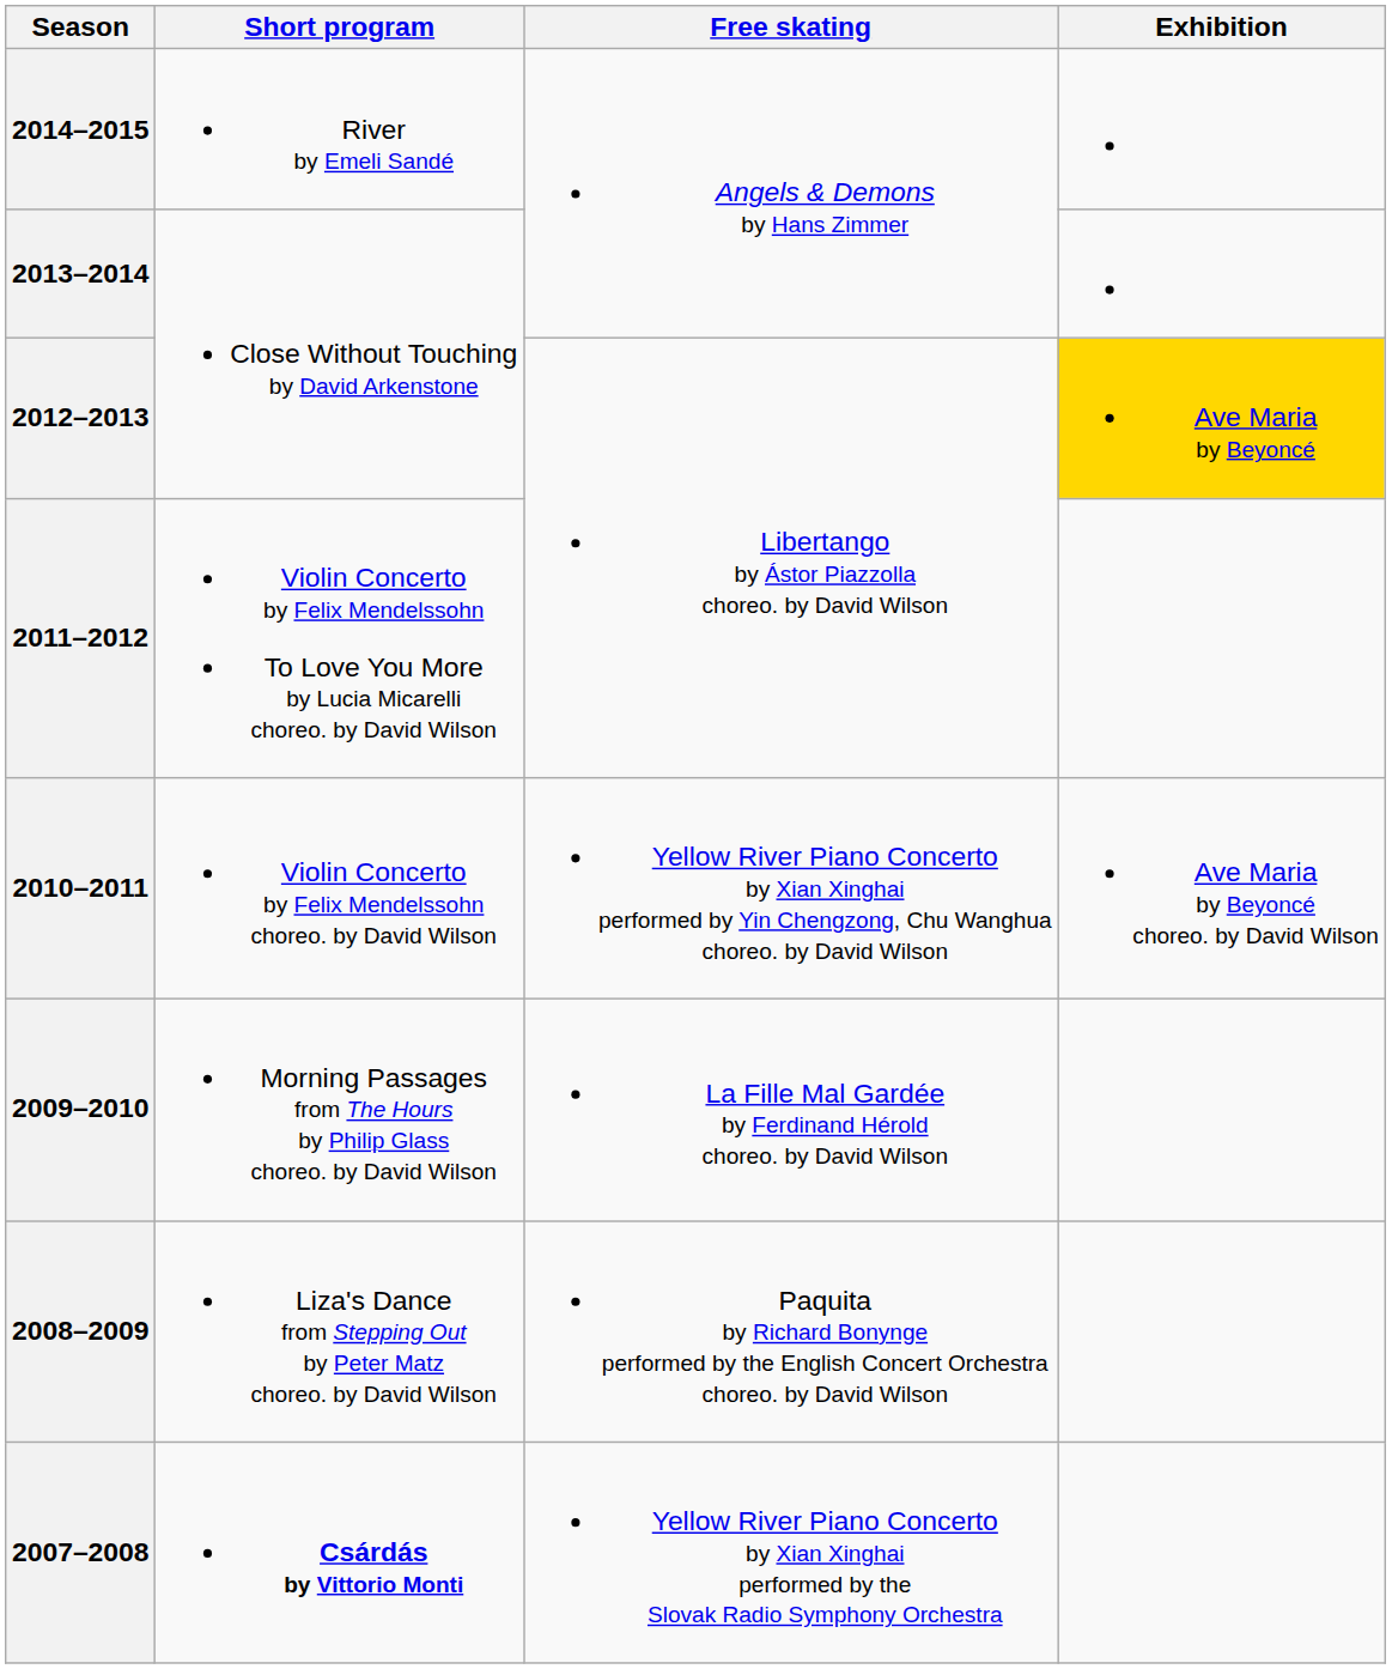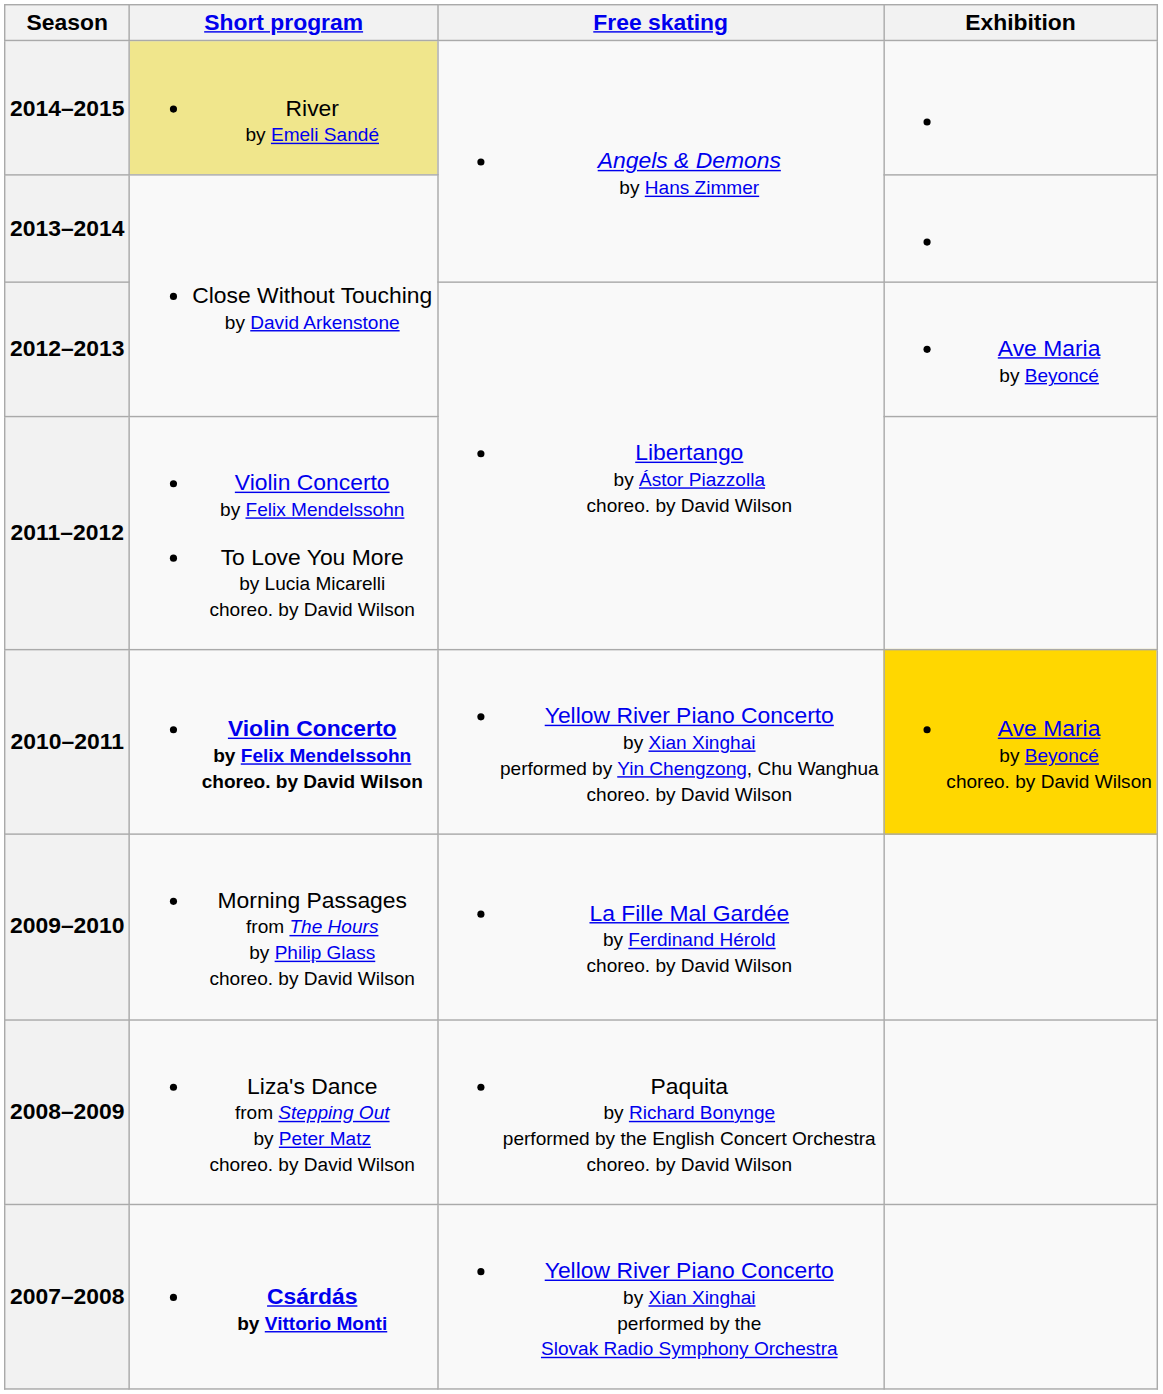 <table class="wikitable" style="text-align:center">
 <tr>
 <th>Season</th>
 <th><a href='#'>Short program</a></th>
 <th><a href='#'>Free skating</a></th>
 <th>Exhibition</th>
 </tr>
 <tr>
 <th>2014–2015 <br> </th>
-<td><br><ul><li>River <br><small> by <a href='#'>Emeli Sandé</a> </small></li></ul></td>
+<td style="background: khaki;"><br><ul><li>River <br><small> by <a href='#'>Emeli Sandé</a> </small></li></ul></td>
 <td rowspan=2><br><ul><li><em><a href='#'>Angels & Demons</a></em> <br><small> by <a href='#'>Hans Zimmer</a> </small></li></ul></td>
 <td><br><ul><li></li></ul></td>
 </tr>
 <tr>
 <th>2013–2014 <br> </th>
 <td rowspan=2><br><ul><li>Close Without Touching <br><small> by <a href='#'>David Arkenstone</a> </small></li></ul></td>
 <td><br><ul><li></li></ul></td>
 </tr>
 <tr>
 <th>2012–2013 <br> </th>
 <td rowspan=2><br><ul><li><a href='#'>Libertango</a> <br><small> by <a href='#'>Ástor Piazzolla</a> <br> choreo. by David Wilson </small></li></ul></td>
-<td style="background: gold;"><br><ul><li><a href='#'>Ave Maria</a> <br><small> by <a href='#'>Beyoncé</a> </small></li></ul></td>
+<td><br><ul><li><a href='#'>Ave Maria</a> <br><small> by <a href='#'>Beyoncé</a> </small></li></ul></td>
 </tr>
 <tr>
 <th>2011–2012 <br> </th>
 <td><br><ul><li><a href='#'>Violin Concerto</a> <br><small> by <a href='#'>Felix Mendelssohn</a> </small></li></ul><ul><li>To Love You More <br><small> by Lucia Micarelli <br> choreo. by David Wilson </small></li></ul></td>
 <td></td>
 </tr>
 <tr>
 <th>2010–2011 <br> </th>
-<td><br><ul><li><a href='#'>Violin Concerto</a> <br><small>by <a href='#'>Felix Mendelssohn</a> <br> choreo. by David Wilson </small></li></ul></td>
+<td><strong><br><ul><li><a href='#'>Violin Concerto</a> <br><small>by <a href='#'>Felix Mendelssohn</a> <br> choreo. by David Wilson </small></li></ul></strong></td>
 <td><br><ul><li><a href='#'>Yellow River Piano Concerto</a> <br><small> by <a href='#'>Xian Xinghai</a> <br> performed by <a href='#'>Yin Chengzong</a>, Chu Wanghua <br> choreo. by David Wilson </small></li></ul></td>
-<td><br><ul><li><a href='#'>Ave Maria</a> <br><small> by <a href='#'>Beyoncé</a> <br> choreo. by David Wilson </small></li></ul></td>
+<td style="background: gold;"><br><ul><li><a href='#'>Ave Maria</a> <br><small> by <a href='#'>Beyoncé</a> <br> choreo. by David Wilson </small></li></ul></td>
 </tr>
 <tr>
 <th>2009–2010 <br> </th>
 <td><br><ul><li>Morning Passages <br><small> from <em><a href='#'>The Hours</a></em> <br> by <a href='#'>Philip Glass</a> <br> choreo. by David Wilson </small></li></ul></td>
 <td><br><ul><li><a href='#'>La Fille Mal Gardée</a> <br><small> by <a href='#'>Ferdinand Hérold</a> <br> choreo. by David Wilson </small></li></ul></td>
 <td></td>
 </tr>
 <tr>
 <th>2008–2009 <br> </th>
 <td><br><ul><li>Liza's Dance <br><small> from <em><a href='#'>Stepping Out</a></em> <br> by <a href='#'>Peter Matz</a> <br> choreo. by David Wilson </small></li></ul></td>
 <td><br><ul><li>Paquita <br><small> by <a href='#'>Richard Bonynge</a> <br> performed by the English Concert Orchestra <br> choreo. by David Wilson </small></li></ul></td>
 <td></td>
 </tr>
 <tr>
 <th>2007–2008 <br> </th>
 <td><strong><br><ul><li><a href='#'>Csárdás</a> <br><small> by <a href='#'>Vittorio Monti</a> </small></li></ul></strong></td>
 <td><br><ul><li><a href='#'>Yellow River Piano Concerto</a> <br><small> by <a href='#'>Xian Xinghai</a> <br> performed by the <br> <a href='#'>Slovak Radio Symphony Orchestra</a> </small></li></ul></td>
 <td></td>
 </tr>
 </table>
